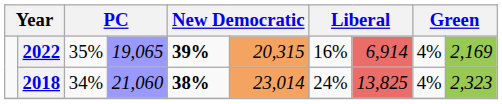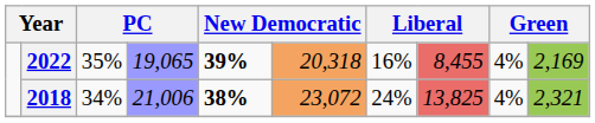 <table class="wikitable" style="float:right; width:400; font-size:90%; margin-left:1em;">
 <tr>
 <th colspan="2" scope="col">Year</th>
 <th colspan="2" scope="col"><a href='#'>PC</a></th>
 <th colspan="2" scope="col"><a href='#'>New Democratic</a></th>
 <th colspan="2" scope="col"><a href='#'>Liberal</a></th>
 <th colspan="2" scope="col"><a href='#'>Green</a></th>
 </tr>
 <tr>
 <td rowspan="2" style="width: 0.25em; background-color: "></td>
 <th><a href='#'>2022</a></th>
 <td>35%</td>
 <td style="text-align:right; background:#9999FF;"><em>19,065</em></td>
 <td><strong>39%</strong></td>
-<td style="text-align:right; background:#F4A460;"><em>20,315</em></td>
+<td style="text-align:right; background:#F4A460;"><em>20,318</em></td>
 <td>16%</td>
-<td style="text-align:right; background:#EA6D6A;"><em>6,914</em></td>
+<td style="text-align:right; background:#EA6D6A;"><em>8,455</em></td>
 <td>4%</td>
 <td style="text-align:right; background:#99C955;"><em>2,169</em></td>
 </tr>
 <tr>
 <th><a href='#'>2018</a></th>
 <td>34%</td>
-<td style="text-align:right; background:#9999FF;"><em>21,060</em></td>
+<td style="text-align:right; background:#9999FF;"><em>21,006</em></td>
 <td><strong>38%</strong></td>
-<td style="text-align:right; background:#F4A460;"><em>23,014</em></td>
+<td style="text-align:right; background:#F4A460;"><em>23,072</em></td>
 <td>24%</td>
 <td style="text-align:right; background:#EA6D6A;"><em>13,825</em></td>
 <td>4%</td>
-<td style="text-align:right; background:#99C955;"><em>2,323</em></td>
+<td style="text-align:right; background:#99C955;"><em>2,321</em></td>
 </tr>
 <tr>
 </tr>
 </table>
